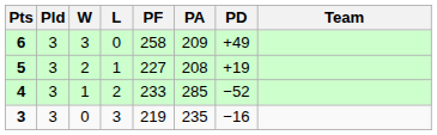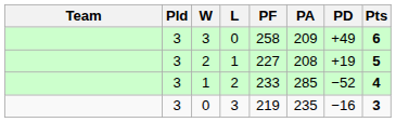 <table class="wikitable" style="text-align:center;">
 <tr>
-<th width=25>Pts</th>
+<th width=170>Team</th>
 <th width=25>Pld</th>
 <th width=25>W</th>
 <th width=25>L</th>
 <th width=35>PF</th>
 <th width=35>PA</th>
 <th width=35>PD</th>
-<th width=170>Team</th>
+<th width=25>Pts</th>
 </tr>
 <tr bgcolor="#ccffcc">
-<td><strong>6</strong></td>
+<td align="left"></td>
 <td>3</td>
 <td>3</td>
 <td>0</td>
 <td>258</td>
 <td>209</td>
 <td>+49</td>
-<td align="left"></td>
+<td><strong>6</strong></td>
 </tr>
 <tr bgcolor="#ccffcc">
-<td><strong>5</strong></td>
+<td align="left"></td>
 <td>3</td>
 <td>2</td>
 <td>1</td>
 <td>227</td>
 <td>208</td>
 <td>+19</td>
-<td align="left"></td>
+<td><strong>5</strong></td>
 </tr>
 <tr bgcolor="#ccffcc">
-<td><strong>4</strong></td>
+<td align="left"></td>
 <td>3</td>
 <td>1</td>
 <td>2</td>
 <td>233</td>
 <td>285</td>
 <td>−52</td>
-<td align="left"></td>
+<td><strong>4</strong></td>
 </tr>
 <tr>
-<td><strong>3</strong></td>
+<td align="left"></td>
 <td>3</td>
 <td>0</td>
 <td>3</td>
 <td>219</td>
 <td>235</td>
 <td>−16</td>
-<td align="left"></td>
+<td><strong>3</strong></td>
 </tr>
 </table>
